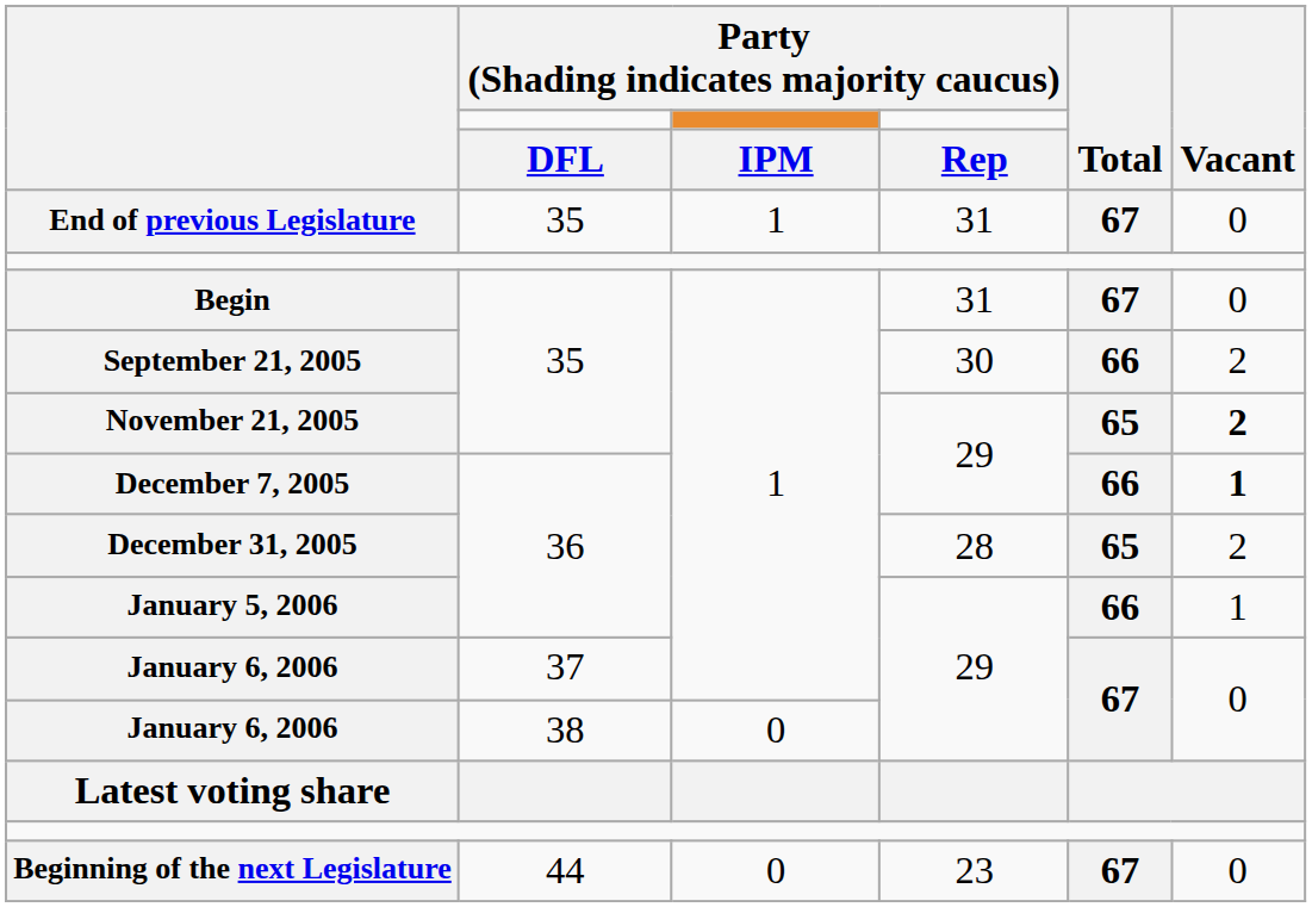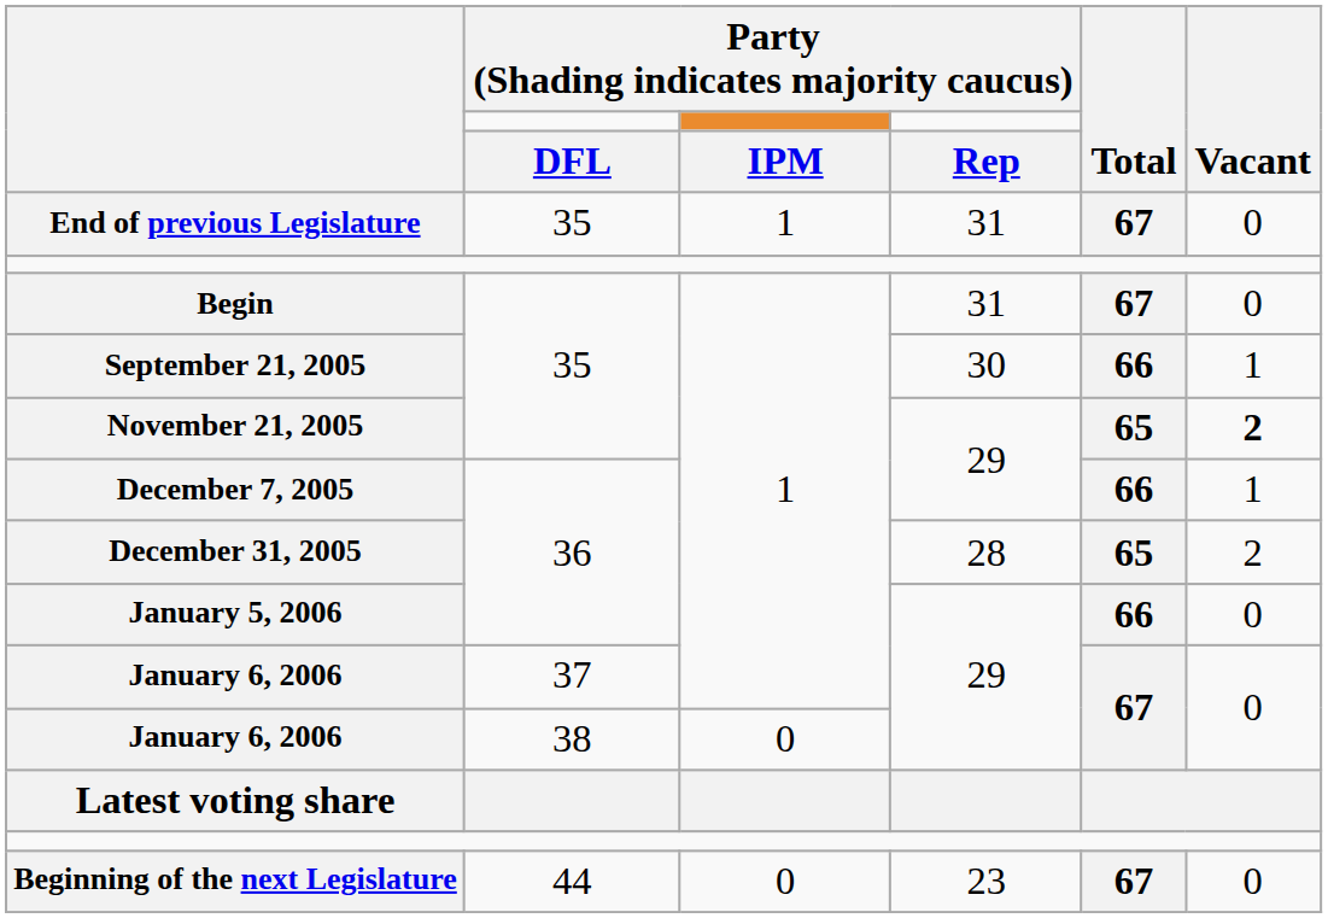 <table class=wikitable style="text-align:center">
 <tr style="vertical-align:bottom;">
 <th rowspan=3></th>
 <th colspan=3>Party <div>(Shading indicates majority caucus)</div></th>
 <th rowspan=3>Total</th>
 <th rowspan=3>Vacant</th>
 </tr>
 <tr style="height:5px">
 <td style="background-color:"></td>
 <td style="background-color:#ea8b2e;"></td>
 <td style="background-color:"></td>
 </tr>
 <tr>
 <th><a href='#'>DFL</a></th>
 <th><a href='#'>IPM</a></th>
 <th><a href='#'>Rep</a></th>
 </tr>
 <tr>
 <th style="white-space:nowrap; font-size:80%;">End of <a href='#'>previous Legislature</a></th>
 <td>35</td>
 <td>1</td>
 <td>31</td>
 <th>67</th>
 <td>0</td>
 </tr>
 <tr>
 <td colspan=6></td>
 </tr>
 <tr>
 <th style="font-size:80%">Begin</th>
 <td rowspan="3" >35</td>
 <td rowspan="7">1</td>
 <td>31</td>
 <th>67</th>
 <td>0</td>
 </tr>
 <tr>
 <th style="font-size:80%">September 21, 2005 </th>
 <td>30</td>
 <th>66</th>
-<td>2</td>
+<td>1</td>
 </tr>
 <tr>
 <th style="font-size:80%">November 21, 2005 </th>
 <td rowspan="2">29</td>
 <th>65</th>
 <td><strong>2</strong></td>
 </tr>
 <tr>
 <th style="font-size:80%">December 7, 2005 </th>
 <td rowspan="3" >36</td>
 <th>66</th>
-<td><strong>1</strong></td>
+<td>1</td>
 </tr>
 <tr>
 <th style="font-size:80%">December 31, 2005 </th>
 <td>28</td>
 <th>65</th>
 <td>2</td>
 </tr>
 <tr>
 <th style="font-size:80%">January 5, 2006 </th>
 <td rowspan="3">29</td>
 <th>66</th>
-<td>1</td>
+<td>0</td>
 </tr>
 <tr>
 <th style="font-size:80%">January 6, 2006 </th>
 <td>37</td>
 <th rowspan="2">67</th>
 <td rowspan="2">0</td>
 </tr>
 <tr>
 <th style="font-size:80%">January 6, 2006 </th>
 <td>38</td>
 <td>0</td>
 </tr>
 <tr>
 <th>Latest voting share</th>
 <th></th>
 <th></th>
 <th></th>
 <th colspan=2></th>
 </tr>
 <tr>
 <td colspan=6></td>
 </tr>
 <tr>
 <th style="white-space:nowrap; font-size:80%;">Beginning of the <a href='#'>next Legislature</a></th>
 <td>44</td>
 <td>0</td>
 <td>23</td>
 <th>67</th>
 <td>0</td>
 </tr>
 </table>
